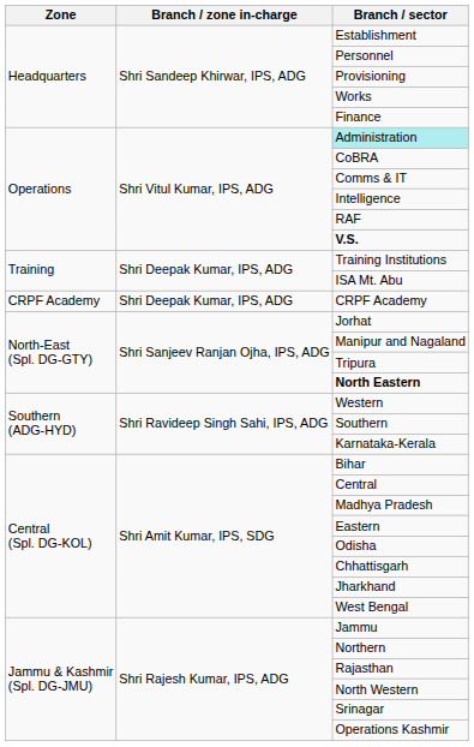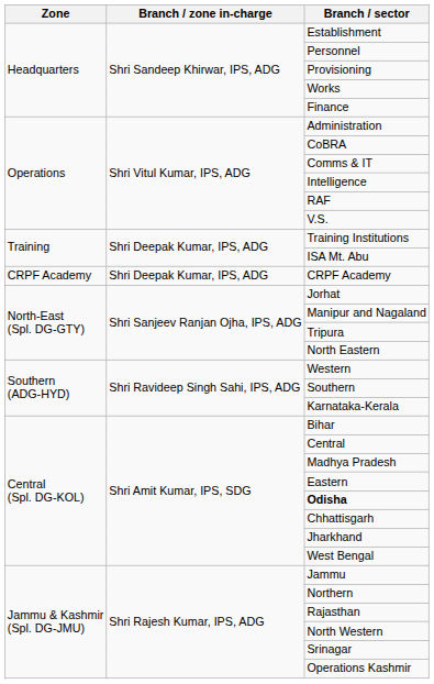 <table class="wikitable">
 <tr>
 <th>Zone</th>
 <th>Branch / zone in-charge</th>
 <th>Branch / sector</th>
 </tr>
 <tr>
 <td rowspan="5">Headquarters</td>
 <td rowspan="5">Shri Sandeep Khirwar, IPS, ADG</td>
 <td>Establishment</td>
 </tr>
 <tr>
 <td>Personnel</td>
 </tr>
 <tr>
 <td>Provisioning</td>
 </tr>
 <tr>
 <td>Works</td>
 </tr>
 <tr>
 <td>Finance</td>
 </tr>
 <tr>
 <td rowspan="6">Operations</td>
 <td rowspan="6">Shri Vitul Kumar, IPS, ADG</td>
-<td style="background: paleturquoise;">Administration</td>
+<td>Administration</td>
 </tr>
 <tr>
 <td>CoBRA</td>
 </tr>
 <tr>
 <td>Comms & IT</td>
 </tr>
 <tr>
 <td>Intelligence</td>
 </tr>
 <tr>
 <td>RAF</td>
 </tr>
 <tr>
-<td><strong>V.S.</strong></td>
+<td>V.S.</td>
 </tr>
 <tr>
 <td rowspan="2">Training</td>
 <td rowspan="2">Shri Deepak Kumar, IPS, ADG</td>
 <td>Training Institutions</td>
 </tr>
 <tr>
 <td>ISA Mt. Abu</td>
 </tr>
 <tr>
 <td>CRPF Academy</td>
 <td>Shri Deepak Kumar, IPS, ADG</td>
 <td>CRPF Academy</td>
 </tr>
 <tr>
 <td rowspan="4">North-East<br>(Spl. DG-GTY)</td>
 <td rowspan="4">Shri Sanjeev Ranjan Ojha, IPS, ADG</td>
 <td>Jorhat</td>
 </tr>
 <tr>
 <td>Manipur and Nagaland</td>
 </tr>
 <tr>
 <td>Tripura</td>
 </tr>
 <tr>
-<td><strong>North Eastern</strong></td>
+<td>North Eastern</td>
 </tr>
 <tr>
 <td rowspan="3">Southern<br>(ADG-HYD)</td>
 <td rowspan="3">Shri Ravideep Singh Sahi, IPS, ADG</td>
 <td>Western</td>
 </tr>
 <tr>
 <td>Southern</td>
 </tr>
 <tr>
 <td>Karnataka-Kerala</td>
 </tr>
 <tr>
 <td rowspan="8">Central<br>(Spl. DG-KOL)</td>
 <td rowspan="8">Shri Amit Kumar, IPS, SDG</td>
 <td>Bihar</td>
 </tr>
 <tr>
 <td>Central</td>
 </tr>
 <tr>
 <td>Madhya Pradesh</td>
 </tr>
 <tr>
 <td>Eastern</td>
 </tr>
 <tr>
-<td>Odisha</td>
+<td><strong>Odisha</strong></td>
 </tr>
 <tr>
 <td>Chhattisgarh</td>
 </tr>
 <tr>
 <td>Jharkhand</td>
 </tr>
 <tr>
 <td>West Bengal</td>
 </tr>
 <tr>
 <td rowspan="6">Jammu & Kashmir<br>(Spl. DG-JMU)</td>
 <td rowspan="6">Shri Rajesh Kumar, IPS, ADG</td>
 <td>Jammu</td>
 </tr>
 <tr>
 <td>Northern</td>
 </tr>
 <tr>
 <td>Rajasthan</td>
 </tr>
 <tr>
 <td>North Western</td>
 </tr>
 <tr>
 <td>Srinagar</td>
 </tr>
 <tr>
 <td>Operations Kashmir</td>
 </tr>
 </table>
